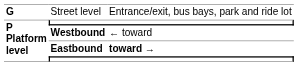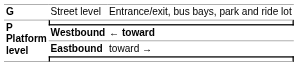 <table table border=0 cellspacing=0 cellpadding=3>
 <tr>
 <td style="border-top:solid 1px gray" width=50 valign=top><strong>G</strong></td>
 <td style="border-top:solid 1px gray" valign=top>Street level</td>
 <td style="border-top:solid 1px gray" valign=top>Entrance/exit, bus bays, park and ride lot</td>
 </tr>
 <tr>
 <td style="border-top:solid 1px gray;border-bottom:solid 1px gray" width=50 rowspan=5 valign=top><strong>P <br>Platform level</strong></td>
 <td style="border-top:solid 1px gray;border-right:solid 2px black;border-left:solid 2px black;border-bottom:solid 2px black;text-align:center" colspan=2></td>
 </tr>
 <tr>
 <td style="border-bottom:solid 1px gray"><strong>Westbound</strong></td>
-<td style="border-bottom:solid 1px gray">←  toward  </td>
+<td style="border-bottom:solid 1px gray"><strong>←  toward  </strong></td>
 </tr>
 <tr>
 <td><strong>Eastbound</strong></td>
-<td><strong>  toward   →</strong></td>
+<td>  toward   →</td>
 </tr>
 <tr>
 <td style="border-right:solid 2px black;border-left:solid 2px black;border-top:solid 2px black;border-bottom:solid 1px gray;text-align:center" colspan=2></td>
 </tr>
 </table>
